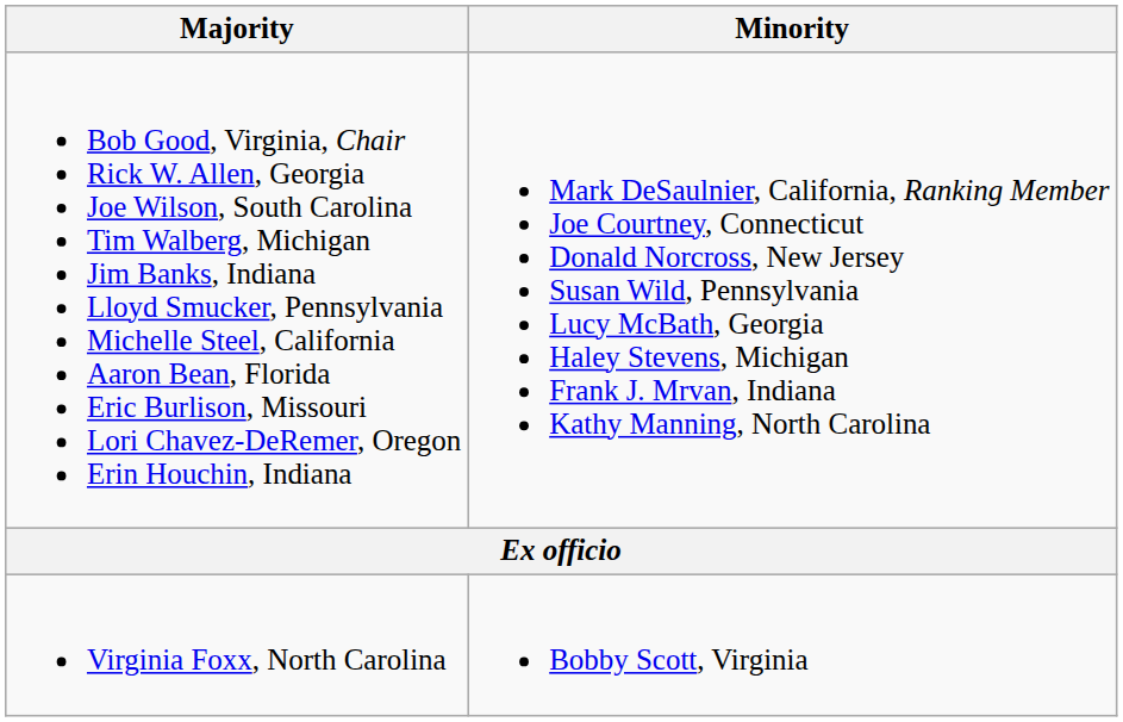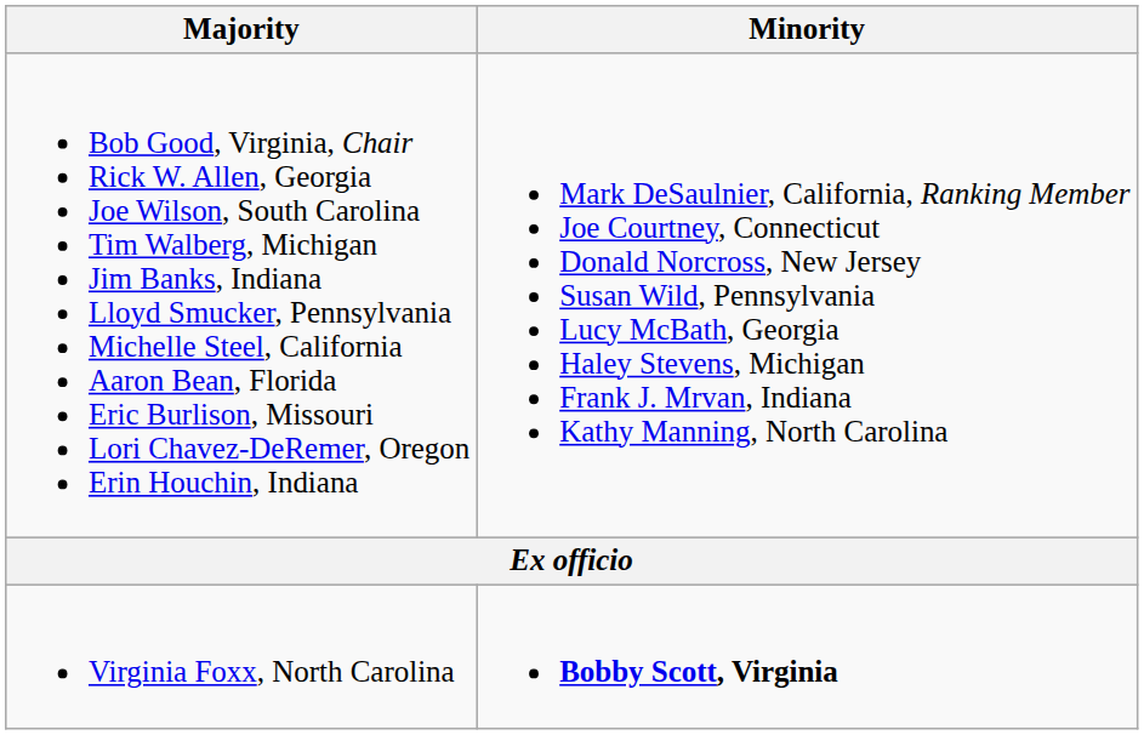 <table class=wikitable>
 <tr>
 <th>Majority</th>
 <th>Minority</th>
 </tr>
 <tr>
 <td><br><ul><li><a href='#'>Bob Good</a>, Virginia, <em>Chair</em></li><li><a href='#'>Rick W. Allen</a>, Georgia</li><li><a href='#'>Joe Wilson</a>, South Carolina</li><li><a href='#'>Tim Walberg</a>, Michigan</li><li><a href='#'>Jim Banks</a>, Indiana</li><li><a href='#'>Lloyd Smucker</a>, Pennsylvania</li><li><a href='#'>Michelle Steel</a>, California</li><li><a href='#'>Aaron Bean</a>, Florida</li><li><a href='#'>Eric Burlison</a>, Missouri</li><li><a href='#'>Lori Chavez-DeRemer</a>, Oregon</li><li><a href='#'>Erin Houchin</a>, Indiana</li></ul></td>
 <td><br><ul><li><a href='#'>Mark DeSaulnier</a>, California, <em>Ranking Member</em></li><li><a href='#'>Joe Courtney</a>, Connecticut</li><li><a href='#'>Donald Norcross</a>, New Jersey</li><li><a href='#'>Susan Wild</a>, Pennsylvania</li><li><a href='#'>Lucy McBath</a>, Georgia</li><li><a href='#'>Haley Stevens</a>, Michigan</li><li><a href='#'>Frank J. Mrvan</a>, Indiana</li><li><a href='#'>Kathy Manning</a>, North Carolina</li></ul></td>
 </tr>
 <tr>
 <th colspan=2><em>Ex officio</em></th>
 </tr>
 <tr>
 <td><br><ul><li><a href='#'>Virginia Foxx</a>, North Carolina</li></ul></td>
-<td><br><ul><li><a href='#'>Bobby Scott</a>, Virginia</li></ul></td>
+<td><strong><br><ul><li><a href='#'>Bobby Scott</a>, Virginia</li></ul></strong></td>
 </tr>
 </table>
